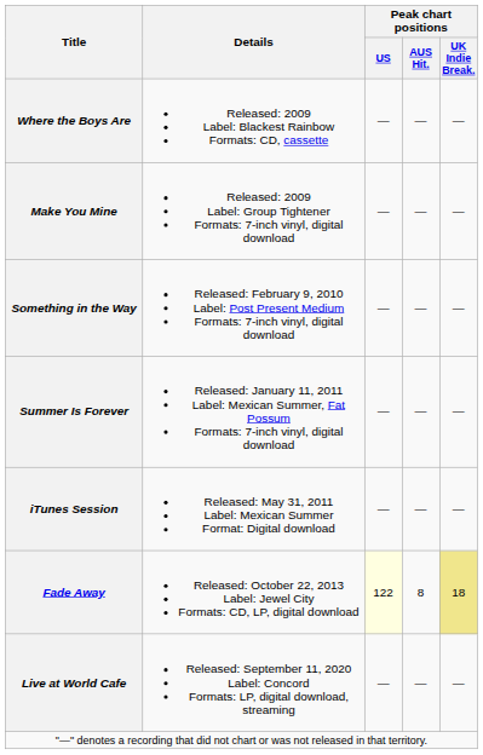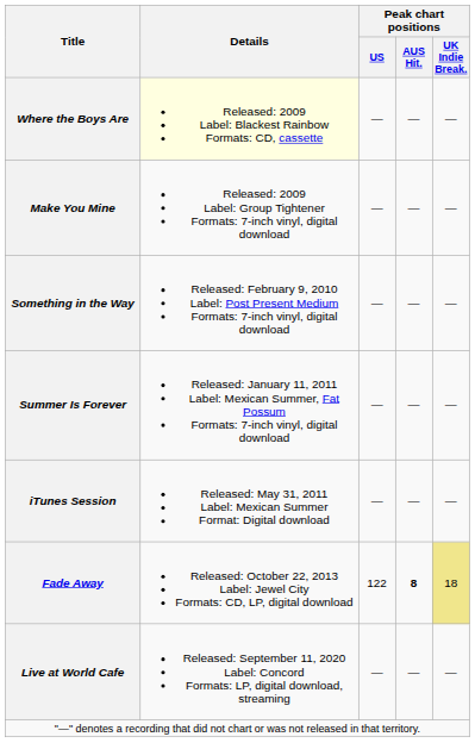 <table class="wikitable plainrowheaders" style="text-align:center;">
 <tr>
 <th scope="col" rowspan="2" style="width:11em;">Title</th>
 <th scope="col" rowspan="2" style="width:18em;">Details</th>
 <th scope="col" colspan="3">Peak chart positions</th>
 </tr>
 <tr>
 <th scope="col" style="width:3em;font-size:90%;"><a href='#'>US</a><br></th>
 <th scope="col" style="width:3em;font-size:90%;"><a href='#'>AUS<br>Hit.</a><br></th>
 <th scope="col" style="width:3em;font-size:90%;"><a href='#'>UK<br>Indie<br>Break.</a><br></th>
 </tr>
 <tr>
 <th scope="row"><em>Where the Boys Are</em></th>
-<td><br><ul><li>Released: 2009</li><li>Label: Blackest Rainbow</li><li>Formats: CD, <a href='#'>cassette</a></li></ul></td>
+<td style="background: lightyellow;"><br><ul><li>Released: 2009</li><li>Label: Blackest Rainbow</li><li>Formats: CD, <a href='#'>cassette</a></li></ul></td>
 <td>—</td>
 <td>—</td>
 <td>—</td>
 </tr>
 <tr>
 <th scope="row"><em>Make You Mine</em></th>
 <td><br><ul><li>Released: 2009</li><li>Label: Group Tightener</li><li>Formats: 7-inch vinyl, digital download</li></ul></td>
 <td>—</td>
 <td>—</td>
 <td>—</td>
 </tr>
 <tr>
 <th scope="row"><em>Something in the Way</em></th>
 <td><br><ul><li>Released: February 9, 2010</li><li>Label: <a href='#'>Post Present Medium</a></li><li>Formats: 7-inch vinyl, digital download</li></ul></td>
 <td>—</td>
 <td>—</td>
 <td>—</td>
 </tr>
 <tr>
 <th scope="row"><em>Summer Is Forever</em><br></th>
 <td><br><ul><li>Released: January 11, 2011</li><li>Label: Mexican Summer, <a href='#'>Fat Possum</a></li><li>Formats: 7-inch vinyl, digital download</li></ul></td>
 <td>—</td>
 <td>—</td>
 <td>—</td>
 </tr>
 <tr>
 <th scope="row"><em>iTunes Session</em></th>
 <td><br><ul><li>Released: May 31, 2011</li><li>Label: Mexican Summer</li><li>Format: Digital download</li></ul></td>
 <td>—</td>
 <td>—</td>
 <td>—</td>
 </tr>
 <tr>
 <th scope="row"><em><a href='#'>Fade Away</a></em></th>
 <td><br><ul><li>Released: October 22, 2013</li><li>Label: Jewel City</li><li>Formats: CD, LP, digital download</li></ul></td>
-<td style="background: lightyellow;">122</td>
-<td>8</td>
+<td>122</td>
+<td><strong>8</strong></td>
 <td style="background: khaki;">18</td>
 </tr>
 <tr>
 <th scope="row"><em>Live at World Cafe</em></th>
 <td><br><ul><li>Released: September 11, 2020</li><li>Label: Concord</li><li>Formats: LP, digital download, streaming</li></ul></td>
 <td>—</td>
 <td>—</td>
 <td>—</td>
 </tr>
 <tr>
 <td colspan="10" style="font-size:90%">"—" denotes a recording that did not chart or was not released in that territory.</td>
 </tr>
 </table>
